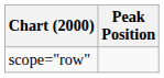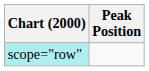 <table class="wikitable">
 <tr>
 <th align="left">Chart (2000)</th>
 <th align="left">Peak<br>Position</th>
 </tr>
 <tr>
-<td>scope="row"</td>
+<td style="background: paleturquoise;">scope="row"</td>
 </tr>
 </table>
